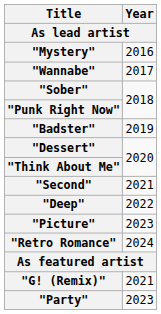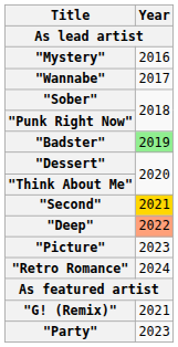 <table class="wikitable plainrowheaders sortable">
 <tr>
 <th scope="col">Title</th>
 <th scope="col">Year</th>
 </tr>
 <tr>
 <th colspan="2">As lead artist</th>
 </tr>
 <tr>
 <th scope="row">"Mystery"</th>
 <td>2016</td>
 </tr>
 <tr>
 <th scope="row">"Wannabe"<br></th>
 <td>2017</td>
 </tr>
 <tr>
 <th scope="row">"Sober"<br></th>
 <td rowspan="2">2018</td>
 </tr>
 <tr>
 <th scope="row">"Punk Right Now"<br></th>
 </tr>
 <tr>
 <th scope="row">"Badster"</th>
-<td>2019</td>
+<td style="background: lightgreen;">2019</td>
 </tr>
 <tr>
 <th scope="row">"Dessert"<br></th>
 <td rowspan="2">2020</td>
 </tr>
 <tr>
 <th scope="row">"Think About Me"<br></th>
 </tr>
 <tr>
 <th scope="row">"Second"<br></th>
-<td>2021</td>
+<td style="background: gold;">2021</td>
 </tr>
 <tr>
 <th scope="row">"Deep"</th>
-<td>2022</td>
+<td style="background: lightsalmon;">2022</td>
 </tr>
 <tr>
 <th scope="row">"Picture"</th>
 <td>2023</td>
 </tr>
 <tr>
 <th scope="row">"Retro Romance"</th>
 <td>2024</td>
 </tr>
 <tr>
 <th colspan="2">As featured artist</th>
 </tr>
 <tr>
 <th scope="row">"G! (Remix)"<br></th>
 <td>2021</td>
 </tr>
 <tr>
 <th scope="row">"Party"<br></th>
 <td>2023</td>
 </tr>
 </table>
